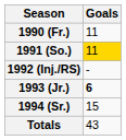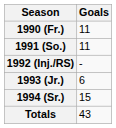 <table class="wikitable">
 <tr>
 <th>Season</th>
 <th>Goals</th>
 </tr>
 <tr>
 <th>1990 (Fr.)</th>
 <td>11</td>
 </tr>
 <tr>
 <th>1991 (So.)</th>
-<td style="background: gold;">11</td>
+<td>11</td>
 </tr>
 <tr>
 <th>1992 (Inj./RS)</th>
 <td>-</td>
 </tr>
 <tr>
 <th>1993 (Jr.)</th>
-<td><strong>6</strong></td>
+<td>6</td>
 </tr>
 <tr>
 <th>1994 (Sr.)</th>
 <td>15</td>
 </tr>
 <tr>
 <th>Totals</th>
 <td>43</td>
 </tr>
 </table>
